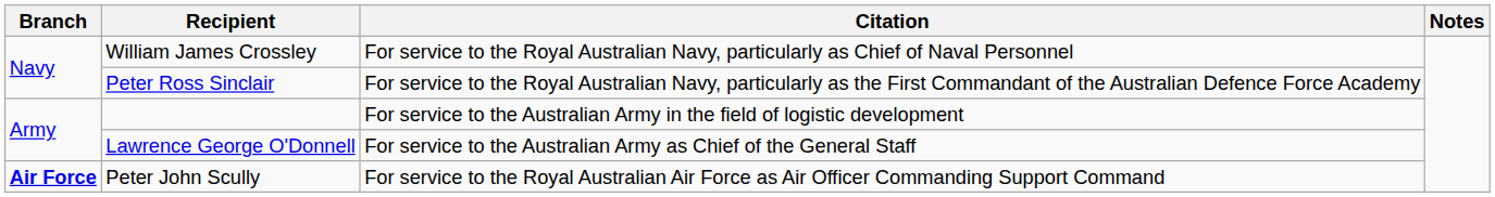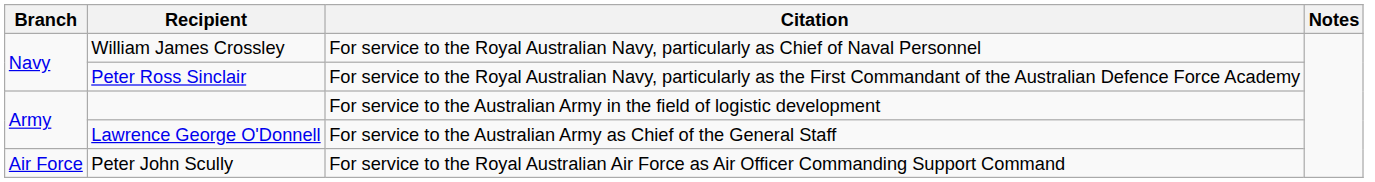 <table class="wikitable" style="font-size:95%;">
 <tr>
 <th>Branch</th>
 <th>Recipient</th>
 <th>Citation</th>
 <th>Notes</th>
 </tr>
 <tr>
 <td rowspan=2><a href='#'>Navy</a></td>
 <td> William James Crossley </td>
 <td>For service to the Royal Australian Navy, particularly as Chief of Naval Personnel</td>
 <td rowspan=5></td>
 </tr>
 <tr>
 <td> <a href='#'>Peter Ross Sinclair</a></td>
 <td>For service to the Royal Australian Navy, particularly as the First Commandant of the Australian Defence Force Academy</td>
 </tr>
 <tr>
 <td rowspan=2><a href='#'>Army</a></td>
 <td></td>
 <td>For service to the Australian Army in the field of logistic development</td>
 </tr>
 <tr>
 <td> <a href='#'>Lawrence George O'Donnell</a></td>
 <td>For service to the Australian Army as Chief of the General Staff</td>
 </tr>
 <tr>
-<td rowspan=1><strong><a href='#'>Air Force</a></strong></td>
+<td rowspan=1><a href='#'>Air Force</a></td>
 <td> Peter John Scully</td>
 <td>For service to the Royal Australian Air Force as Air Officer Commanding Support Command</td>
 </tr>
 </table>
